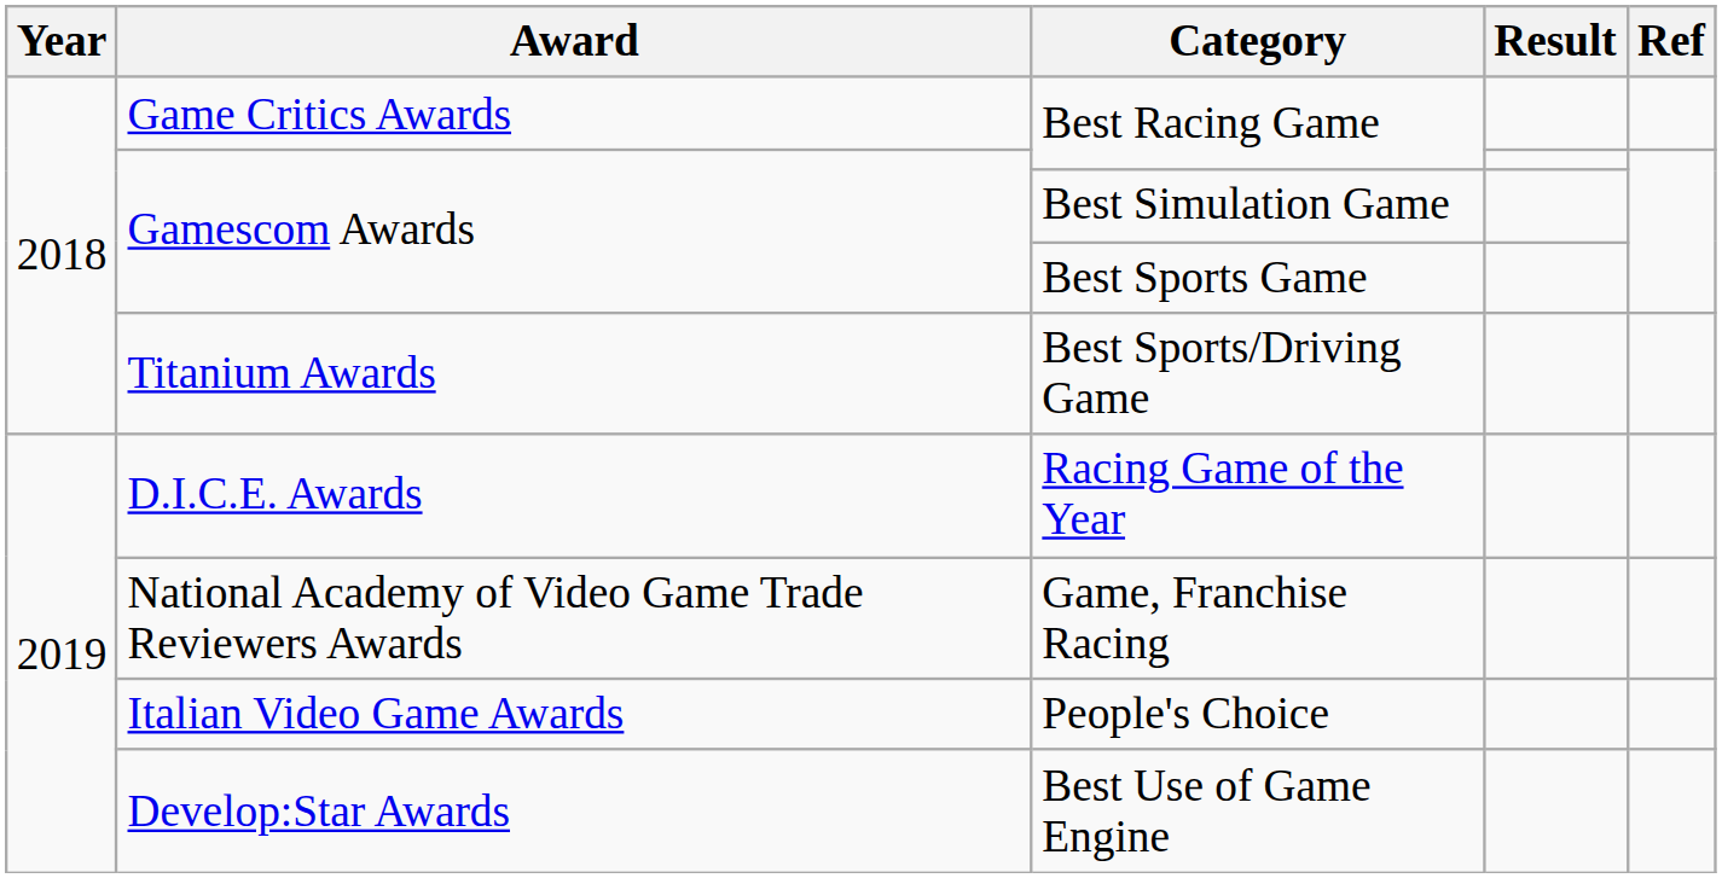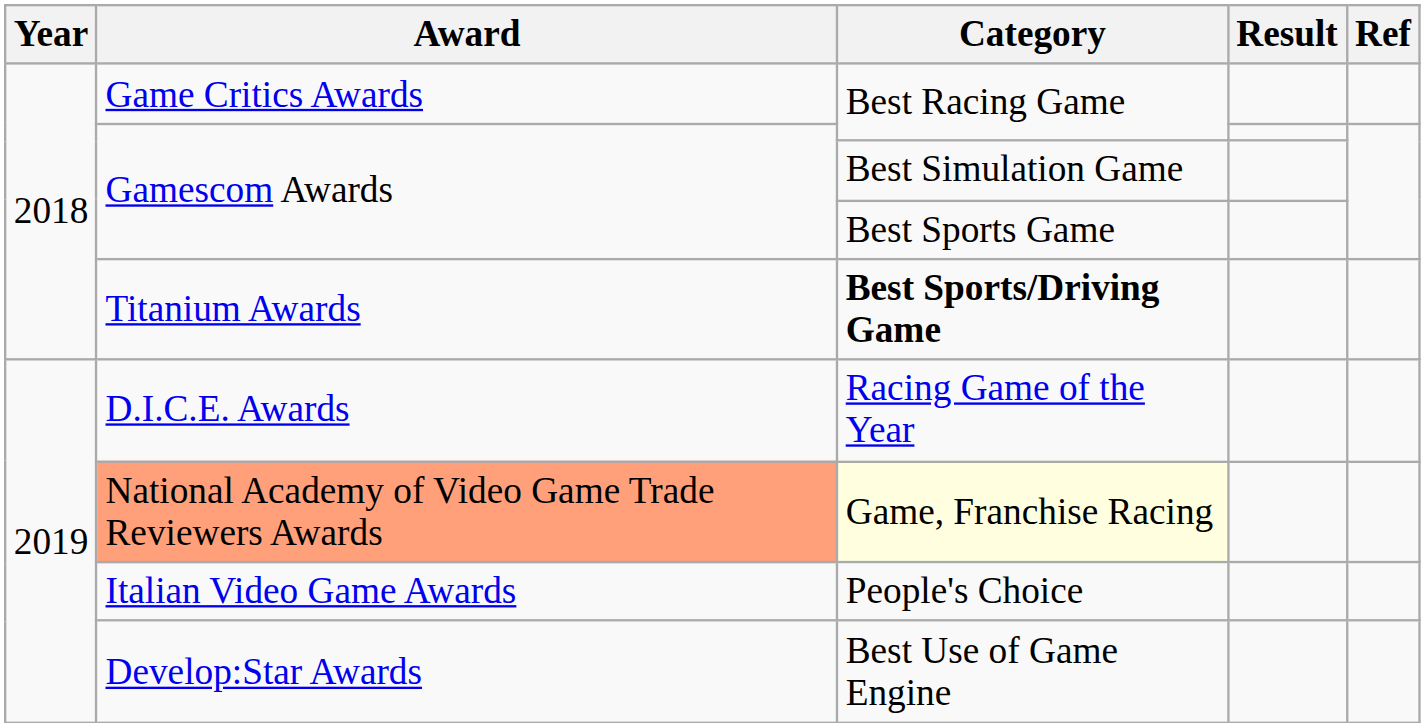 <table class="wikitable sortable">
 <tr>
 <th>Year</th>
 <th>Award</th>
 <th>Category</th>
 <th>Result</th>
 <th>Ref</th>
 </tr>
 <tr>
 <td style="text-align:center;" rowspan="5">2018</td>
 <td><a href='#'>Game Critics Awards</a></td>
 <td rowspan="2">Best Racing Game</td>
 <td></td>
 <td style="text-align:center;"></td>
 </tr>
 <tr>
 <td rowspan="3"><a href='#'>Gamescom</a> Awards</td>
 <td></td>
 <td rowspan="3" style="text-align:center;"></td>
 </tr>
 <tr>
 <td>Best Simulation Game</td>
 <td></td>
 </tr>
 <tr>
 <td>Best Sports Game</td>
 <td></td>
 </tr>
 <tr>
 <td><a href='#'>Titanium Awards</a></td>
-<td>Best Sports/Driving Game</td>
+<td><strong>Best Sports/Driving Game</strong></td>
 <td></td>
 <td style="text-align:center;"></td>
 </tr>
 <tr>
 <td style="text-align:center;" rowspan="4">2019</td>
 <td><a href='#'>D.I.C.E. Awards</a></td>
 <td><a href='#'>Racing Game of the Year</a></td>
 <td></td>
 <td style="text-align:center;"></td>
 </tr>
 <tr>
-<td>National Academy of Video Game Trade Reviewers Awards</td>
-<td>Game, Franchise Racing</td>
+<td style="background: lightsalmon;">National Academy of Video Game Trade Reviewers Awards</td>
+<td style="background: lightyellow;">Game, Franchise Racing</td>
 <td></td>
 <td style="text-align:center;"></td>
 </tr>
 <tr>
 <td><a href='#'>Italian Video Game Awards</a></td>
 <td>People's Choice</td>
 <td></td>
 <td style="text-align:center;"></td>
 </tr>
 <tr>
 <td><a href='#'>Develop:Star Awards</a></td>
 <td>Best Use of Game Engine</td>
 <td></td>
 <td style="text-align:center;"></td>
 </tr>
 </table>
